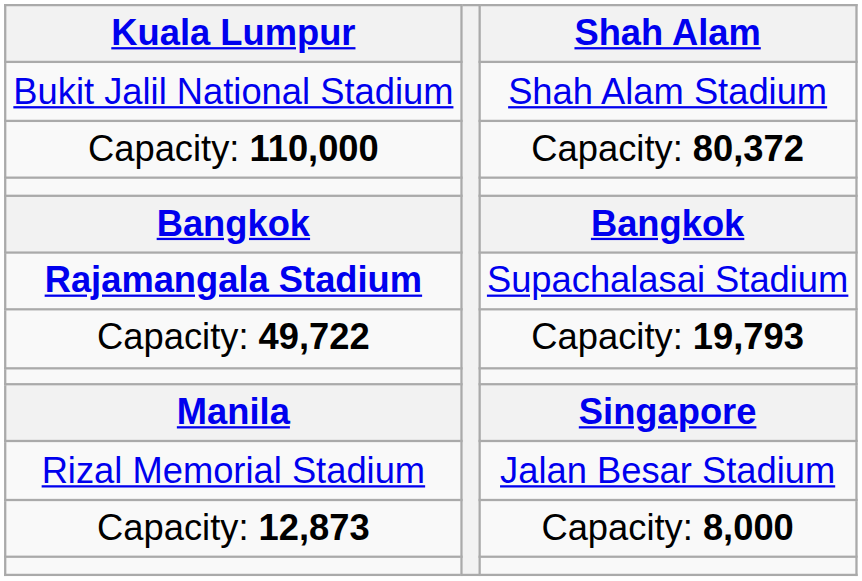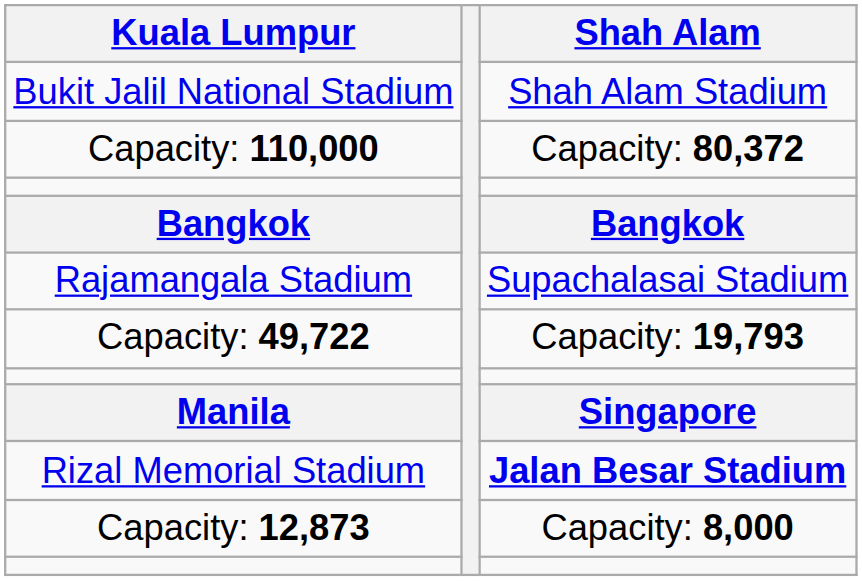 <table class="wikitable" style="text-align:center;margin:1em auto;">
 <tr>
 <th> <a href='#'>Kuala Lumpur</a></th>
 <th rowspan=12 colspan=1></th>
 <th> <a href='#'>Shah Alam</a></th>
 </tr>
 <tr>
 <td><a href='#'>Bukit Jalil National Stadium</a></td>
 <td><a href='#'>Shah Alam Stadium</a></td>
 </tr>
 <tr>
 <td>Capacity: <strong>110,000</strong></td>
 <td>Capacity: <strong>80,372</strong></td>
 </tr>
 <tr>
 <td></td>
 <td></td>
 </tr>
 <tr>
 <th> <a href='#'>Bangkok</a></th>
 <th> <a href='#'>Bangkok</a></th>
 </tr>
 <tr>
-<td><strong><a href='#'>Rajamangala Stadium</a></strong></td>
+<td><a href='#'>Rajamangala Stadium</a></td>
 <td><a href='#'>Supachalasai Stadium</a></td>
 </tr>
 <tr>
 <td>Capacity: <strong>49,722</strong></td>
 <td>Capacity: <strong>19,793</strong></td>
 </tr>
 <tr>
 <td></td>
 <td></td>
 </tr>
 <tr>
 <th> <a href='#'>Manila</a></th>
 <th> <a href='#'>Singapore</a></th>
 </tr>
 <tr>
 <td><a href='#'>Rizal Memorial Stadium</a></td>
-<td><a href='#'>Jalan Besar Stadium</a></td>
+<td><strong><a href='#'>Jalan Besar Stadium</a></strong></td>
 </tr>
 <tr>
 <td>Capacity: <strong>12,873</strong></td>
 <td>Capacity: <strong>8,000</strong></td>
 </tr>
 <tr>
 <td></td>
 <td></td>
 </tr>
 </table>
